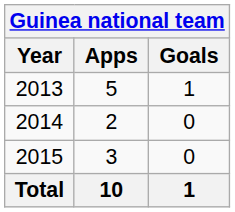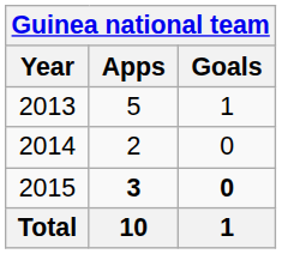 <table class="wikitable" style="text-align:center">
 <tr>
 <th colspan=3><a href='#'>Guinea national team</a></th>
 </tr>
 <tr>
 <th>Year</th>
 <th>Apps</th>
 <th>Goals</th>
 </tr>
 <tr>
 <td>2013</td>
 <td>5</td>
 <td>1</td>
 </tr>
 <tr>
 <td>2014</td>
 <td>2</td>
 <td>0</td>
 </tr>
 <tr>
 <td>2015</td>
-<td>3</td>
-<td>0</td>
+<td><strong>3</strong></td>
+<td><strong>0</strong></td>
 </tr>
 <tr>
 <th>Total</th>
 <th>10</th>
 <th>1</th>
 </tr>
 </table>
